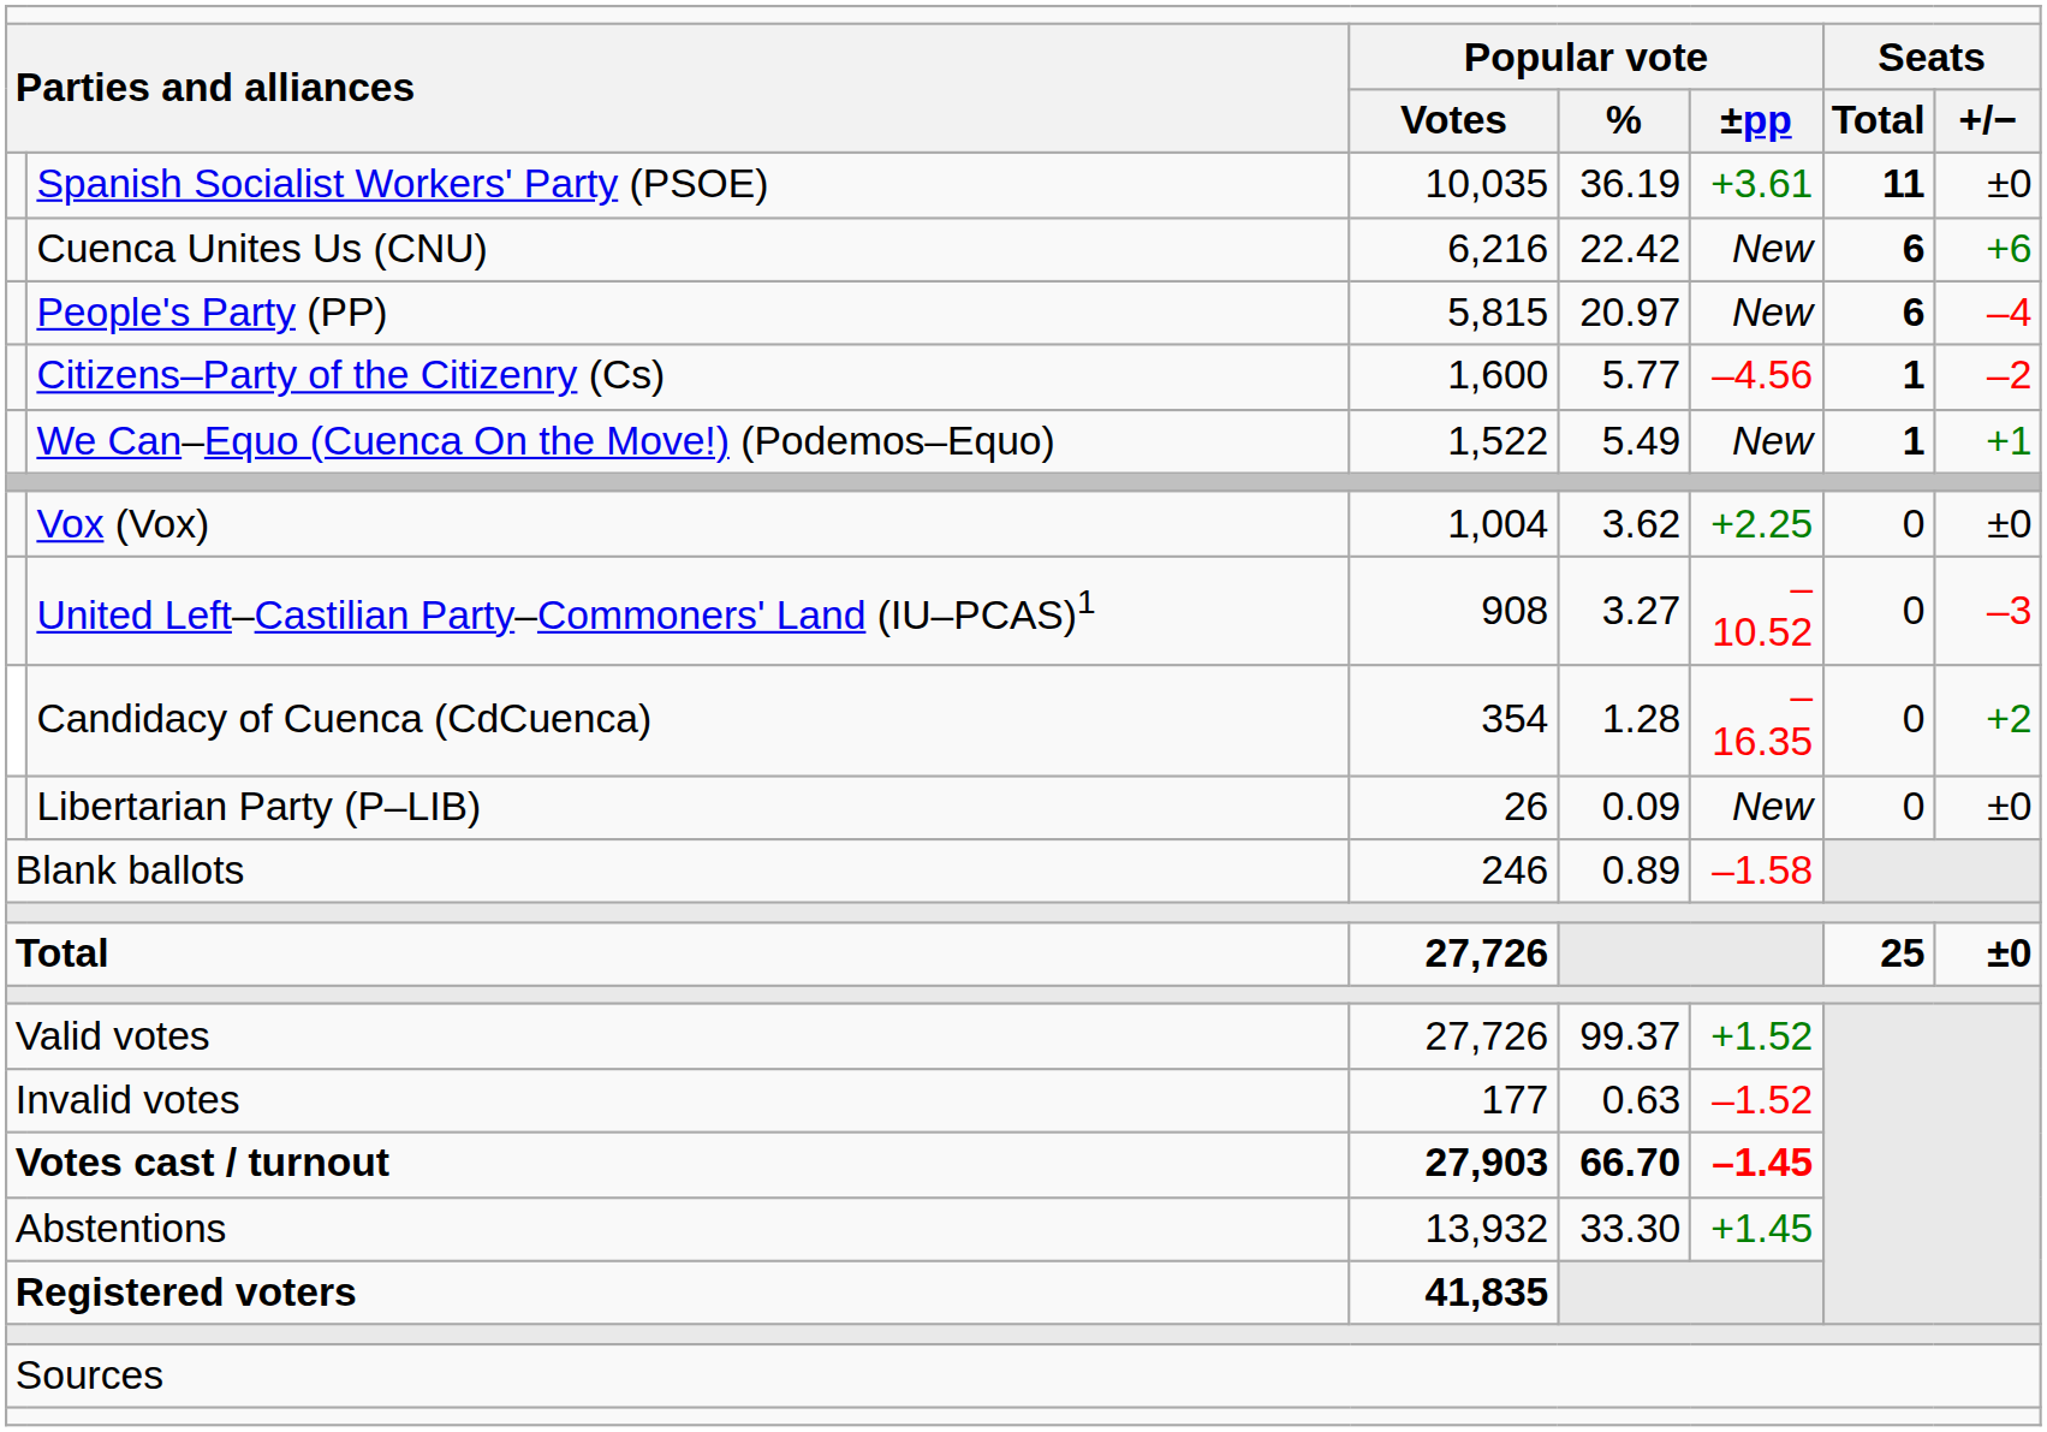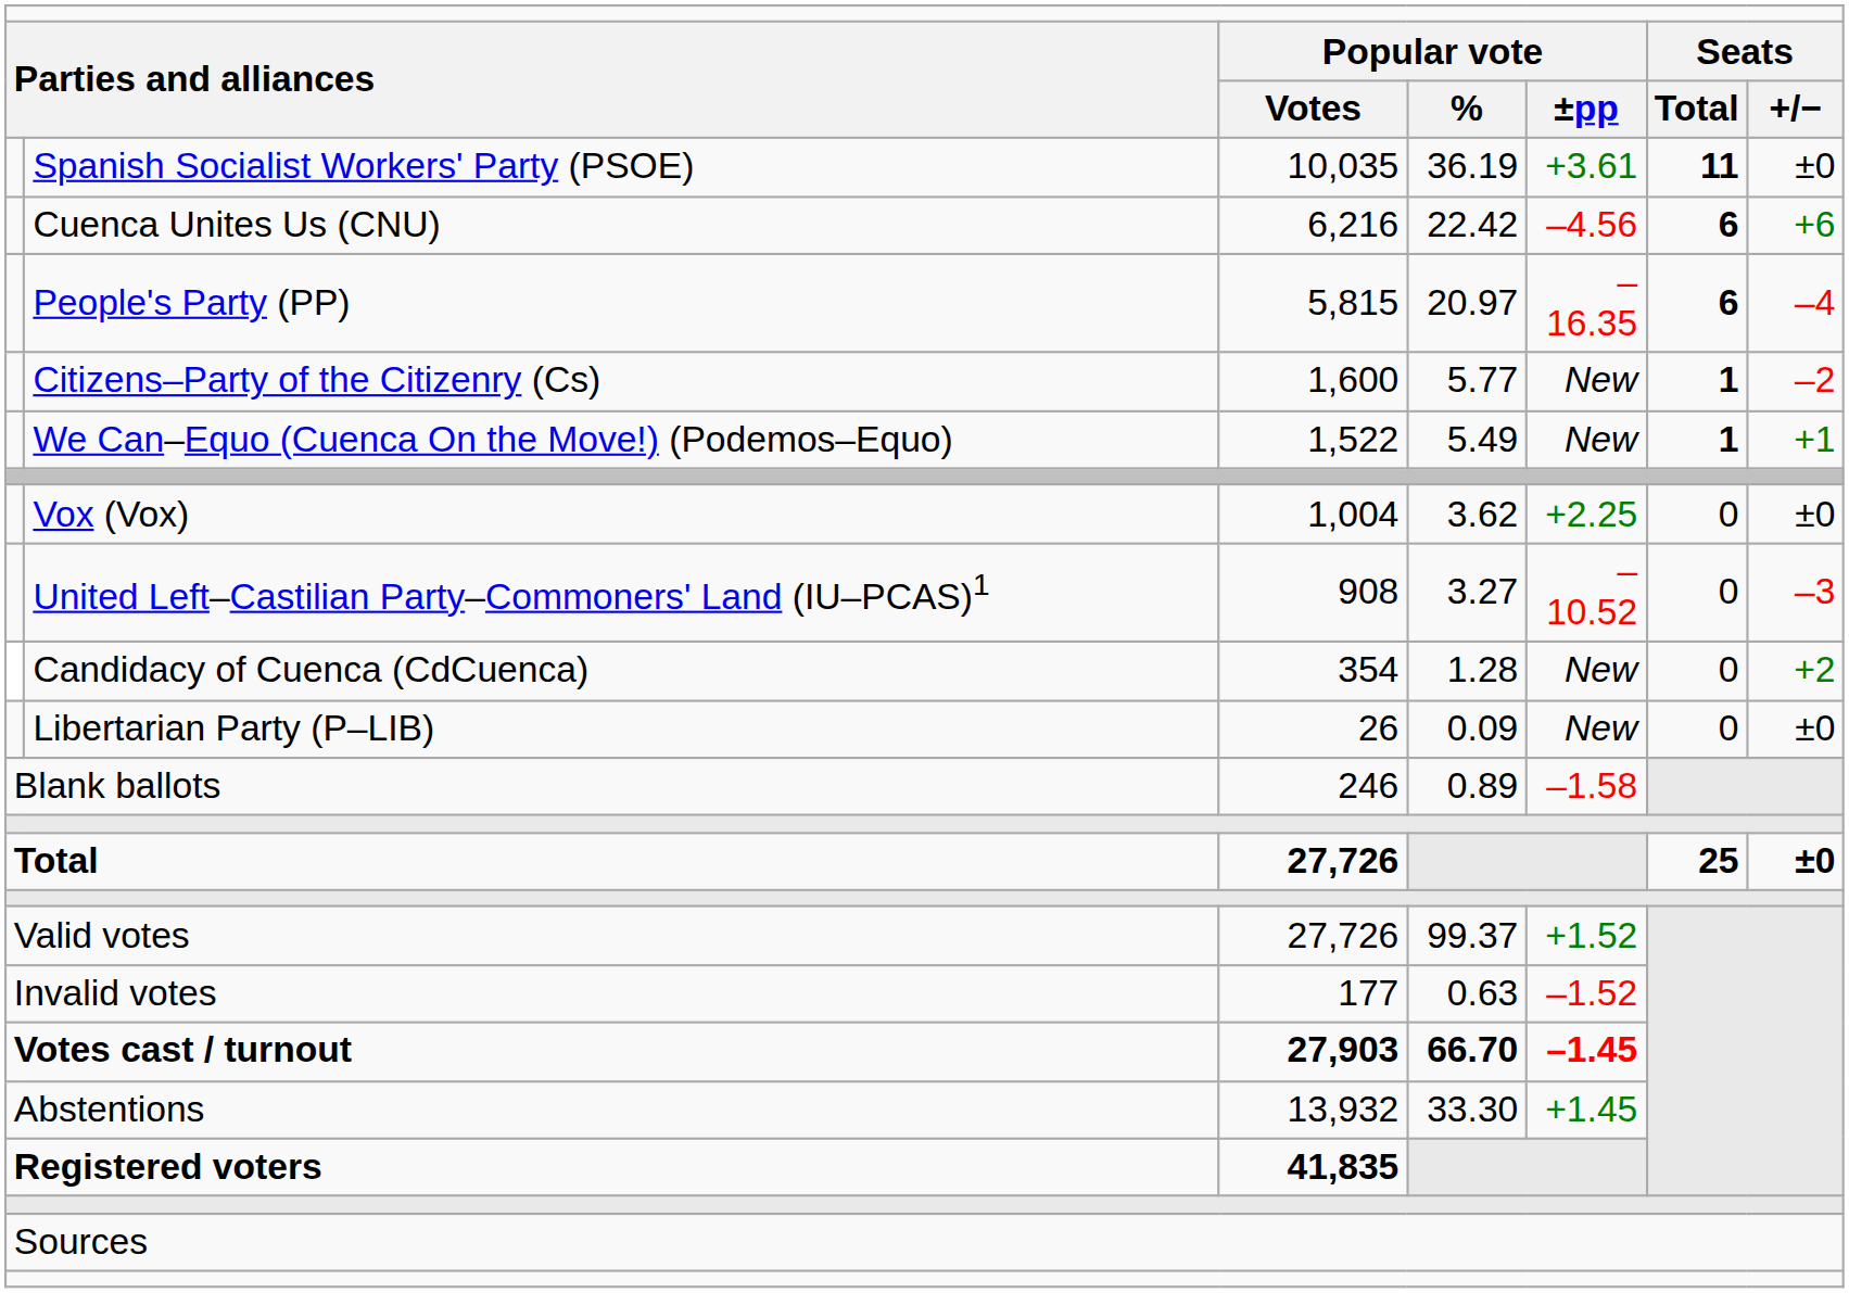 <table class="wikitable" style="text-align:right;">
 <tr>
 <td colspan="7"></td>
 </tr>
 <tr>
 <th style="text-align:left;" rowspan="2" colspan="2" width="525">Parties and alliances</th>
 <th colspan="3">Popular vote</th>
 <th colspan="2">Seats</th>
 </tr>
 <tr>
 <th width="75">Votes</th>
 <th width="45">%</th>
 <th width="45">±<a href='#'>pp</a></th>
 <th width="35">Total</th>
 <th width="35">+/−</th>
 </tr>
 <tr>
 <td width="1" style="color:inherit;background:"></td>
 <td align="left"><a href='#'>Spanish Socialist Workers' Party</a> (PSOE)</td>
 <td>10,035</td>
 <td>36.19</td>
 <td style="color:green;">+3.61</td>
 <td><strong>11</strong></td>
 <td>±0</td>
 </tr>
 <tr>
 <td style="color:inherit;background:"></td>
 <td align="left">Cuenca Unites Us (CNU)</td>
 <td>6,216</td>
 <td>22.42</td>
-<td><em>New</em></td>
+<td style="color:red;">–4.56</td>
 <td><strong>6</strong></td>
 <td style="color:green;">+6</td>
 </tr>
 <tr>
 <td style="color:inherit;background:"></td>
 <td align="left"><a href='#'>People's Party</a> (PP)</td>
 <td>5,815</td>
 <td>20.97</td>
-<td><em>New</em></td>
+<td style="color:red;">–16.35</td>
 <td><strong>6</strong></td>
 <td style="color:red;">–4</td>
 </tr>
 <tr>
 <td style="color:inherit;background:"></td>
 <td align="left"><a href='#'>Citizens–Party of the Citizenry</a> (Cs)</td>
 <td>1,600</td>
 <td>5.77</td>
-<td style="color:red;">–4.56</td>
+<td><em>New</em></td>
 <td><strong>1</strong></td>
 <td style="color:red;">–2</td>
 </tr>
 <tr>
 <td style="color:inherit;background:"></td>
 <td align="left"><a href='#'>We Can</a>–<a href='#'>Equo (Cuenca On the Move!)</a> (Podemos–Equo)</td>
 <td>1,522</td>
 <td>5.49</td>
 <td><em>New</em></td>
 <td><strong>1</strong></td>
 <td style="color:green;">+1</td>
 </tr>
 <tr>
 <td colspan="7" bgcolor="#C0C0C0"></td>
 </tr>
 <tr>
 <td style="color:inherit;background:"></td>
 <td align="left"><a href='#'>Vox</a> (Vox)</td>
 <td>1,004</td>
 <td>3.62</td>
 <td style="color:green;">+2.25</td>
 <td>0</td>
 <td>±0</td>
 </tr>
 <tr>
 <td style="color:inherit;background:"></td>
 <td align="left"><a href='#'>United Left</a>–<a href='#'>Castilian Party</a>–<a href='#'>Commoners' Land</a> (IU–PCAS)<sup>1</sup></td>
 <td>908</td>
 <td>3.27</td>
 <td style="color:red;">–10.52</td>
 <td>0</td>
 <td style="color:red;">–3</td>
 </tr>
 <tr>
 <td bgcolor="white"></td>
 <td align="left">Candidacy of Cuenca (CdCuenca)</td>
 <td>354</td>
 <td>1.28</td>
-<td style="color:red;">–16.35</td>
+<td><em>New</em></td>
 <td>0</td>
 <td style="color:green;">+2</td>
 </tr>
 <tr>
 <td style="color:inherit;background:"></td>
 <td align="left">Libertarian Party (P–LIB)</td>
 <td>26</td>
 <td>0.09</td>
 <td><em>New</em></td>
 <td>0</td>
 <td>±0</td>
 </tr>
 <tr>
 <td align="left" colspan="2">Blank ballots</td>
 <td>246</td>
 <td>0.89</td>
 <td style="color:red;">–1.58</td>
 <td bgcolor="#E9E9E9" colspan="2"></td>
 </tr>
 <tr>
 <td colspan="7" bgcolor="#E9E9E9"></td>
 </tr>
 <tr style="font-weight:bold;">
 <td align="left" colspan="2">Total</td>
 <td>27,726</td>
 <td bgcolor="#E9E9E9" colspan="2"></td>
 <td>25</td>
 <td>±0</td>
 </tr>
 <tr>
 <td colspan="7" bgcolor="#E9E9E9"></td>
 </tr>
 <tr>
 <td align="left" colspan="2">Valid votes</td>
 <td>27,726</td>
 <td>99.37</td>
 <td style="color:green;">+1.52</td>
 <td bgcolor="#E9E9E9" colspan="2" rowspan="5"></td>
 </tr>
 <tr>
 <td align="left" colspan="2">Invalid votes</td>
 <td>177</td>
 <td>0.63</td>
 <td style="color:red;">–1.52</td>
 </tr>
 <tr style="font-weight:bold;">
 <td align="left" colspan="2">Votes cast / turnout</td>
 <td>27,903</td>
 <td>66.70</td>
 <td style="color:red;">–1.45</td>
 </tr>
 <tr>
 <td align="left" colspan="2">Abstentions</td>
 <td>13,932</td>
 <td>33.30</td>
 <td style="color:green;">+1.45</td>
 </tr>
 <tr style="font-weight:bold;">
 <td align="left" colspan="2">Registered voters</td>
 <td>41,835</td>
 <td bgcolor="#E9E9E9" colspan="2"></td>
 </tr>
 <tr>
 <td colspan="7" bgcolor="#E9E9E9"></td>
 </tr>
 <tr>
 <td align="left" colspan="7">Sources</td>
 </tr>
 <tr>
 <td colspan="7" style="text-align:left; max-width:790px;"></td>
 </tr>
 </table>
